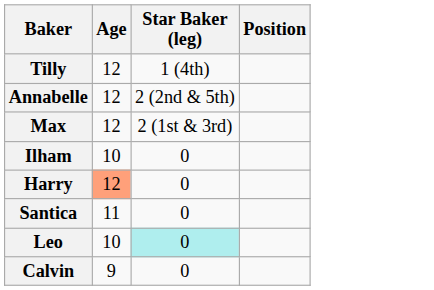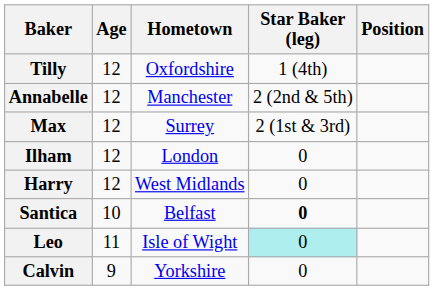 <table class="wikitable sortable" style="display:inline-table; text-align:center">
 <tr>
 <th scope="col">Baker</th>
 <th scope="col">Age</th>
+<th scope="col">Hometown</th>
 <th scope="col">Star Baker<br>(leg)</th>
 <th scope="col">Position</th>
 </tr>
 <tr>
 <th scope="row">Tilly</th>
 <td>12</td>
+<td><a href='#'>Oxfordshire</a></td>
 <td>1 (4th)</td>
 <td></td>
 </tr>
 <tr>
 <th scope="row">Annabelle</th>
 <td>12</td>
+<td><a href='#'>Manchester</a></td>
 <td>2 (2nd & 5th)</td>
 <td></td>
 </tr>
 <tr>
 <th scope="row">Max</th>
 <td>12</td>
+<td><a href='#'>Surrey</a></td>
 <td>2 (1st & 3rd)</td>
 <td></td>
 </tr>
 <tr>
 <th scope="row">Ilham</th>
-<td>10</td>
+<td>12</td>
+<td><a href='#'>London</a></td>
 <td>0</td>
 <td></td>
 </tr>
 <tr>
 <th scope="row">Harry</th>
-<td style="background: lightsalmon;">12</td>
+<td>12</td>
+<td><a href='#'>West Midlands</a></td>
 <td>0</td>
 <td></td>
 </tr>
 <tr>
 <th scope="row">Santica</th>
-<td>11</td>
-<td>0</td>
+<td>10</td>
+<td><a href='#'>Belfast</a></td>
+<td><strong>0</strong></td>
 <td></td>
 </tr>
 <tr>
 <th scope="row">Leo</th>
-<td>10</td>
+<td>11</td>
+<td><a href='#'>Isle of Wight</a></td>
 <td style="background: paleturquoise;">0</td>
 <td></td>
 </tr>
 <tr>
 <th scope="row">Calvin</th>
 <td>9</td>
+<td><a href='#'>Yorkshire</a></td>
 <td>0</td>
 <td></td>
 </tr>
 </table>
